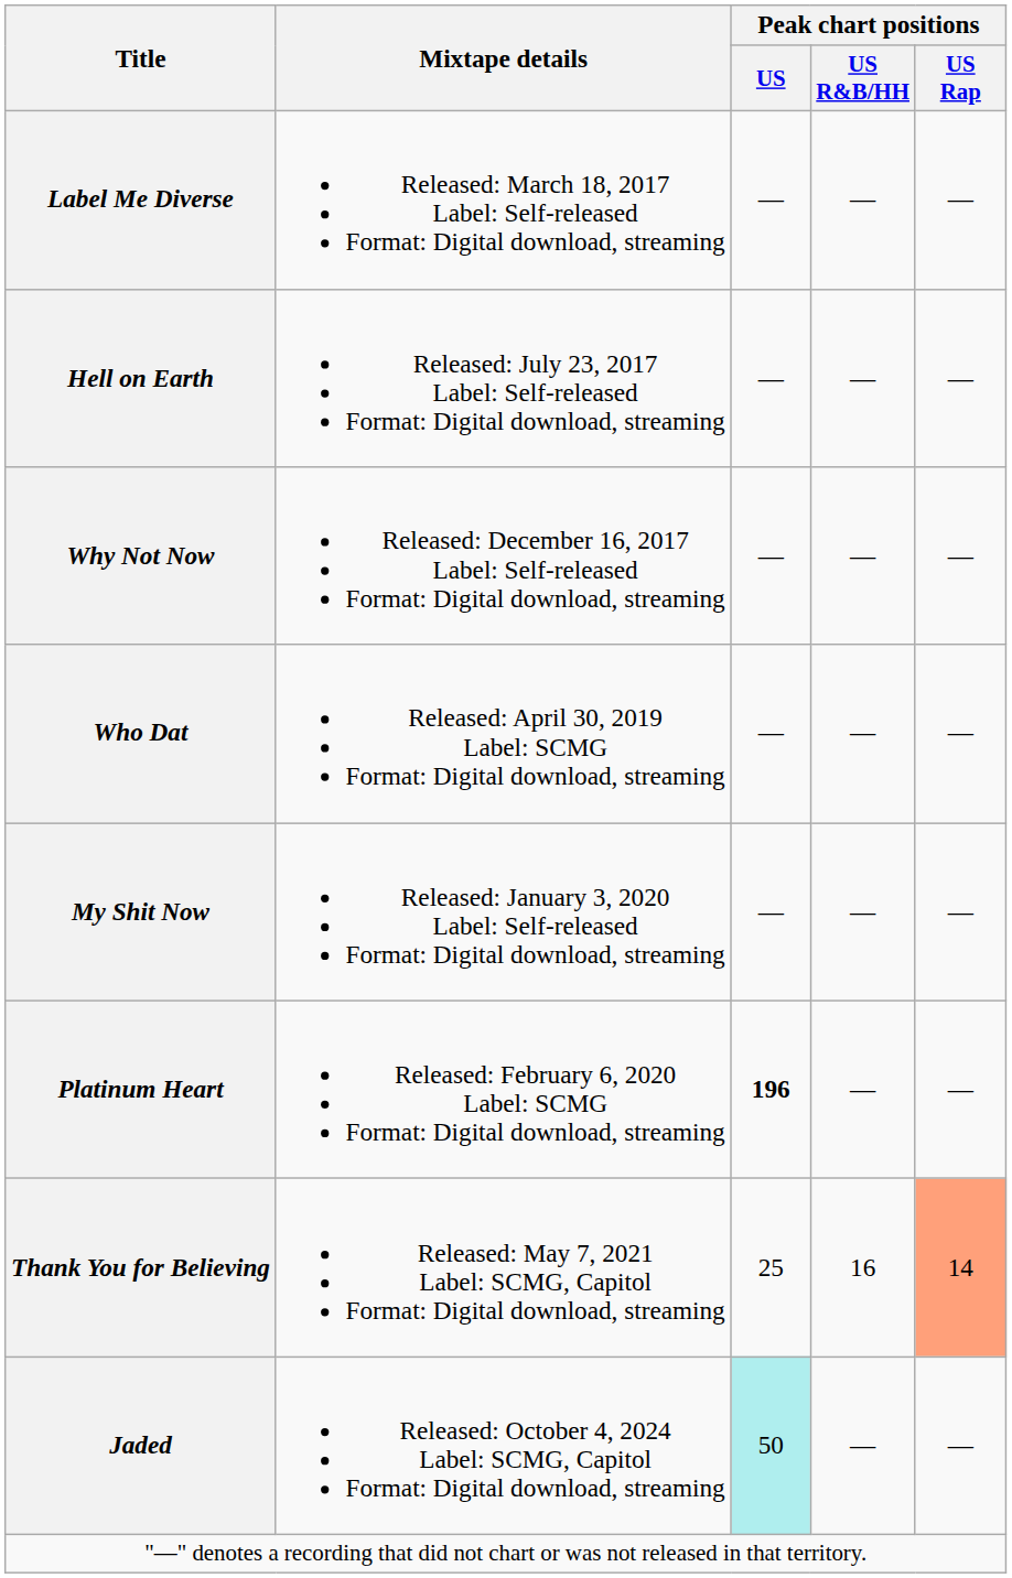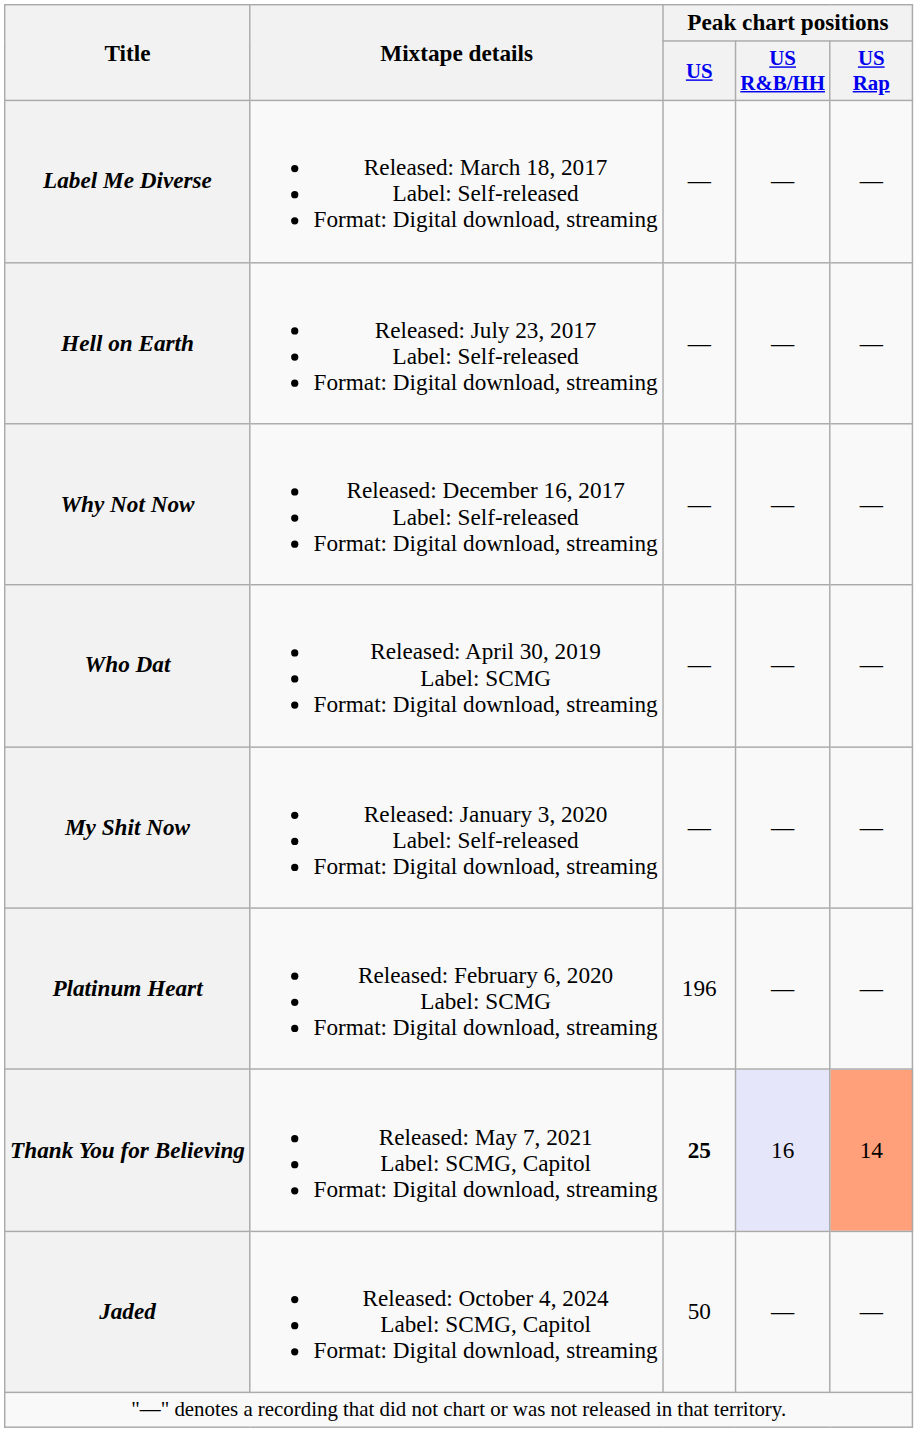 <table class="wikitable plainrowheaders" style="text-align:center;">
 <tr>
 <th rowspan="2" scope="col">Title</th>
 <th rowspan="2" scope="col">Mixtape details</th>
 <th scope="col" colspan="3">Peak chart positions</th>
 </tr>
 <tr>
 <th scope="col" style="width:3em;font-size:90%;"><a href='#'>US</a><br></th>
 <th scope="col" style="width:3.5em;font-size:90%;"><a href='#'>US<br>R&B/HH</a><br></th>
 <th scope="col" style="width:3.5em;font-size:90%;"><a href='#'>US<br>Rap</a><br></th>
 </tr>
 <tr>
 <th scope="row"><em>Label Me Diverse</em></th>
 <td><br><ul><li>Released: March 18, 2017</li><li>Label: Self-released</li><li>Format: Digital download, streaming</li></ul></td>
 <td>—</td>
 <td>—</td>
 <td>—</td>
 </tr>
 <tr>
 <th scope="row"><em>Hell on Earth</em></th>
 <td><br><ul><li>Released: July 23, 2017</li><li>Label: Self-released</li><li>Format: Digital download, streaming</li></ul></td>
 <td>—</td>
 <td>—</td>
 <td>—</td>
 </tr>
 <tr>
 <th scope="row"><em>Why Not Now</em></th>
 <td><br><ul><li>Released: December 16, 2017</li><li>Label: Self-released</li><li>Format: Digital download, streaming</li></ul></td>
 <td>—</td>
 <td>—</td>
 <td>—</td>
 </tr>
 <tr>
 <th scope="row"><em>Who Dat</em></th>
 <td><br><ul><li>Released: April 30, 2019</li><li>Label: SCMG</li><li>Format: Digital download, streaming</li></ul></td>
 <td>—</td>
 <td>—</td>
 <td>—</td>
 </tr>
 <tr>
 <th scope="row"><em>My Shit Now</em></th>
 <td><br><ul><li>Released: January 3, 2020</li><li>Label: Self-released</li><li>Format: Digital download, streaming</li></ul></td>
 <td>—</td>
 <td>—</td>
 <td>—</td>
 </tr>
 <tr>
 <th scope="row"><em>Platinum Heart</em></th>
 <td><br><ul><li>Released: February 6, 2020</li><li>Label: SCMG</li><li>Format: Digital download, streaming</li></ul></td>
-<td><strong>196</strong></td>
+<td>196</td>
 <td>—</td>
 <td>—</td>
 </tr>
 <tr>
 <th scope="row"><em>Thank You for Believing</em></th>
 <td><br><ul><li>Released: May 7, 2021</li><li>Label: SCMG, Capitol</li><li>Format: Digital download, streaming</li></ul></td>
-<td>25<br></td>
-<td>16</td>
+<td><strong>25<br></strong></td>
+<td style="background: lavender;">16</td>
 <td style="background: lightsalmon;">14</td>
 </tr>
 <tr>
 <th scope="row"><em>Jaded</em></th>
 <td><br><ul><li>Released: October 4, 2024</li><li>Label: SCMG, Capitol</li><li>Format: Digital download, streaming</li></ul></td>
-<td style="background: paleturquoise;">50</td>
+<td>50</td>
 <td>—</td>
 <td>—</td>
 </tr>
 <tr>
 <td colspan="6" style="font-size:90%">"—" denotes a recording that did not chart or was not released in that territory.</td>
 </tr>
 </table>
